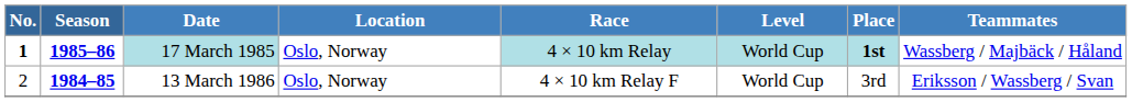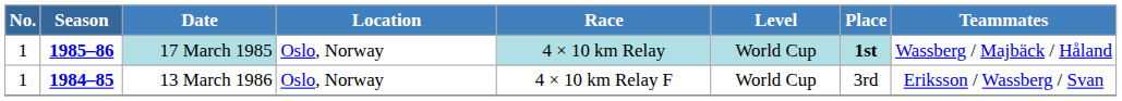 <table class="wikitable sortable" style="font-size:95%; text-align:center; border:grey solid 1px; border-collapse:collapse; background:#ffffff;">
 <tr style="background:#efefef;">
 <th style="background-color:#369; color:white;">No.</th>
 <th style="background-color:#369; color:white;">Season</th>
 <th style="background-color:#4180be; color:white; width:120px;">Date</th>
 <th style="background-color:#4180be; color:white; width:175px;">Location</th>
 <th style="background-color:#4180be; color:white; width:170px;">Race</th>
 <th style="background-color:#4180be; color:white; width:100px;">Level</th>
 <th style="background-color:#4180be; color:white;">Place</th>
 <th style="background-color:#4180be; color:white;">Teammates</th>
 </tr>
 <tr>
-<td align=center><strong>1</strong></td>
+<td align=center>1</td>
 <td rowspan=1 align=center><strong> <a href='#'>1985–86</a> </strong></td>
 <td bgcolor="#BOEOE6" align=right>17 March 1985</td>
 <td align=left> <a href='#'>Oslo</a>, Norway</td>
 <td bgcolor="#BOEOE6">4 × 10 km Relay</td>
 <td bgcolor="#BOEOE6">World Cup</td>
 <td bgcolor="#BOEOE6"><strong>1st</strong></td>
 <td><a href='#'>Wassberg</a> / <a href='#'>Majbäck</a> / <a href='#'>Håland</a></td>
 </tr>
 <tr>
-<td align=center>2</td>
+<td align=center>1</td>
 <td rowspan=1 align=center><strong><a href='#'>1984–85</a></strong></td>
 <td align=right>13 March 1986</td>
 <td align=left> <a href='#'>Oslo</a>, Norway</td>
 <td>4 × 10 km Relay F</td>
 <td>World Cup</td>
 <td>3rd</td>
 <td><a href='#'>Eriksson</a> / <a href='#'>Wassberg</a> / <a href='#'>Svan</a></td>
 </tr>
 <tr>
 </tr>
 </table>
